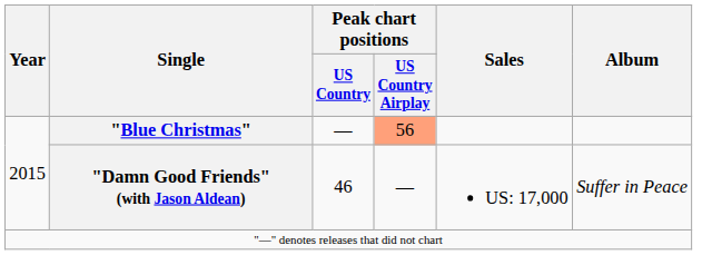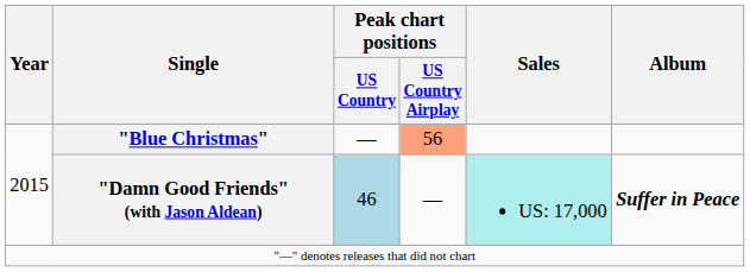 <table class="wikitable plainrowheaders" style="text-align:center;">
 <tr>
 <th rowspan="2">Year</th>
 <th rowspan="2" style="width:14em;">Single</th>
 <th colspan="2">Peak chart<br>positions</th>
 <th rowspan="2">Sales</th>
 <th rowspan="2">Album</th>
 </tr>
 <tr style="font-size:smaller;">
 <th style="width:45px;"><a href='#'>US Country</a></th>
 <th style="width:45px;"><a href='#'>US Country Airplay</a></th>
 </tr>
 <tr>
 <td rowspan="2">2015</td>
 <th scope="row">"<a href='#'>Blue Christmas</a>"</th>
 <td>—</td>
 <td style="background: lightsalmon;">56</td>
 <td></td>
 <td></td>
 </tr>
 <tr>
 <th scope="row">"Damn Good Friends"<br><small>(with <a href='#'>Jason Aldean</a>)</small></th>
-<td>46</td>
+<td style="background: lightblue;">46</td>
 <td>—</td>
-<td><br><ul><li>US: 17,000</li></ul></td>
-<td style="text-align:left;"><em>Suffer in Peace</em></td>
+<td style="background: paleturquoise;"><br><ul><li>US: 17,000</li></ul></td>
+<td style="text-align:left;"><strong><em>Suffer in Peace</em></strong></td>
 </tr>
 <tr>
 <td colspan="6" style="font-size:8pt">"—" denotes releases that did not chart</td>
 </tr>
 </table>
